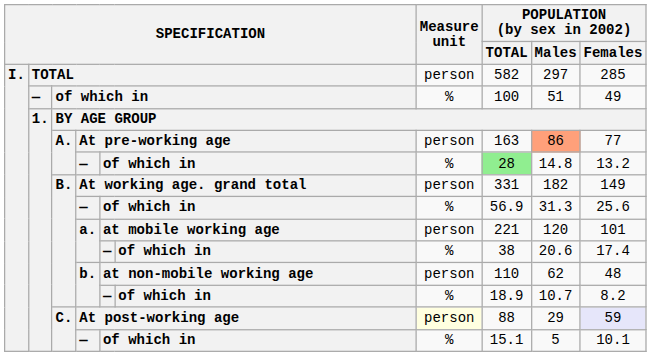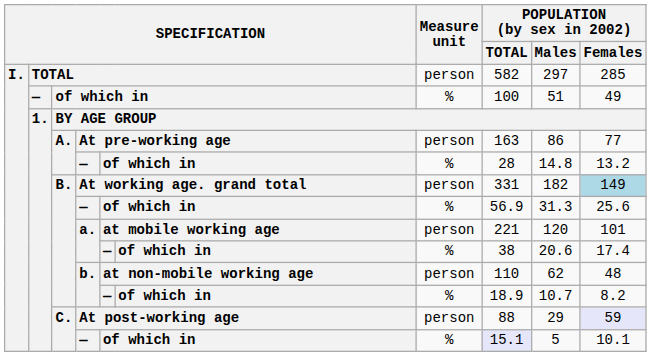 <table class="wikitable" style="font-size:85%; text-align:center">
 <tr>
 <th rowspan="2" colspan="6">SPECIFICATION</th>
 <th rowspan="2">Measure<br> unit</th>
 <th colspan="3" rowspan="1">POPULATION<br> (by sex in 2002)</th>
 </tr>
 <tr>
 <th>TOTAL</th>
 <th>Males</th>
 <th>Females</th>
 </tr>
 <tr>
 <th style="text-align:left" valign="top" rowspan="13">I.</th>
 <th style="text-align:left" colspan="5">TOTAL</th>
 <td>person</td>
 <td>582</td>
 <td>297</td>
 <td>285</td>
 </tr>
 <tr>
 <th style="text-align:left" valign="top">—</th>
 <th style="text-align:left" colspan="4">of which in</th>
 <td>%</td>
 <td>100</td>
 <td>51</td>
 <td>49</td>
 </tr>
 <tr>
 <th style="text-align:left" valign="top" rowspan="11">1.</th>
 <th style="text-align:left" colspan="19">BY AGE GROUP</th>
 </tr>
 <tr>
 <th style="text-align:left" valign="top" rowspan="2">A.</th>
 <th style="text-align:left" colspan="3">At pre-working age</th>
 <td>person</td>
 <td>163</td>
-<td style="background: lightsalmon;">86</td>
+<td>86</td>
 <td>77</td>
 </tr>
 <tr>
 <th style="text-align:left" valign="top">—</th>
 <th style="text-align:left" valign="top" colspan="2">of which in</th>
 <td>%</td>
-<td style="background: lightgreen;">28</td>
+<td>28</td>
 <td>14.8</td>
 <td>13.2</td>
 </tr>
 <tr>
 <th style="text-align:left" valign="top" rowspan="6">B.</th>
 <th style="text-align:left" colspan="3">At working age. grand total</th>
 <td>person</td>
 <td>331</td>
 <td>182</td>
-<td>149</td>
+<td style="background: lightblue;">149</td>
 </tr>
 <tr>
 <th style="text-align:left" valign="top">—</th>
 <th style="text-align:left" valign="top" colspan="2">of which in</th>
 <td>%</td>
 <td>56.9</td>
 <td>31.3</td>
 <td>25.6</td>
 </tr>
 <tr>
 <th style="text-align:left" valign="top" rowspan="2">a.</th>
 <th style="text-align:left" colspan="2">at mobile working age</th>
 <td>person</td>
 <td>221</td>
 <td>120</td>
 <td>101</td>
 </tr>
 <tr>
 <th style="text-align:left" valign="top">—</th>
 <th style="text-align:left" valign="top" colspan="1">of which in                        </th>
 <td>%</td>
 <td>38</td>
 <td>20.6</td>
 <td>17.4</td>
 </tr>
 <tr>
 <th style="text-align:left" valign="top" rowspan="2">b.</th>
 <th style="text-align:left" colspan="2">at non-mobile working age</th>
 <td>person</td>
 <td>110</td>
 <td>62</td>
 <td>48</td>
 </tr>
 <tr>
 <th style="text-align:left" valign="top">—</th>
 <th style="text-align:left" valign="top" colspan="1">of which in                        </th>
 <td>%</td>
 <td>18.9</td>
 <td>10.7</td>
 <td>8.2</td>
 </tr>
 <tr>
 <th style="text-align:left" valign="top" rowspan="2">C.</th>
 <th style="text-align:left" colspan="3">At post-working age</th>
-<td style="background: lightyellow;">person</td>
+<td>person</td>
 <td>88</td>
 <td>29</td>
 <td style="background: lavender;">59</td>
 </tr>
 <tr>
 <th style="text-align:left" valign="top">—</th>
 <th style="text-align:left" valign="top" colspan="2">of which in</th>
 <td>%</td>
-<td>15.1</td>
+<td style="background: lavender;">15.1</td>
 <td>5</td>
 <td>10.1</td>
 </tr>
 </table>
